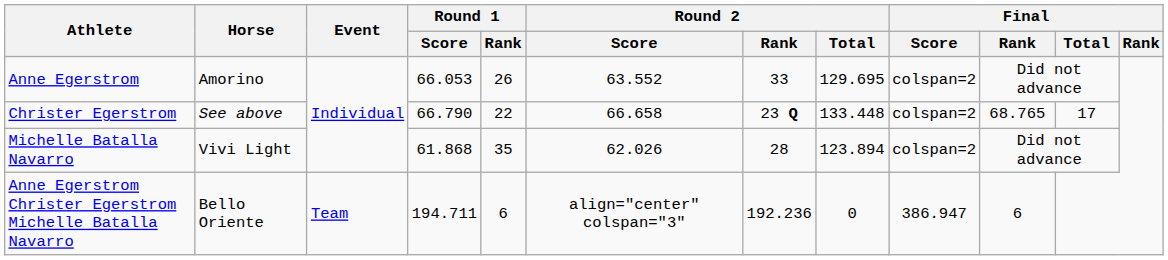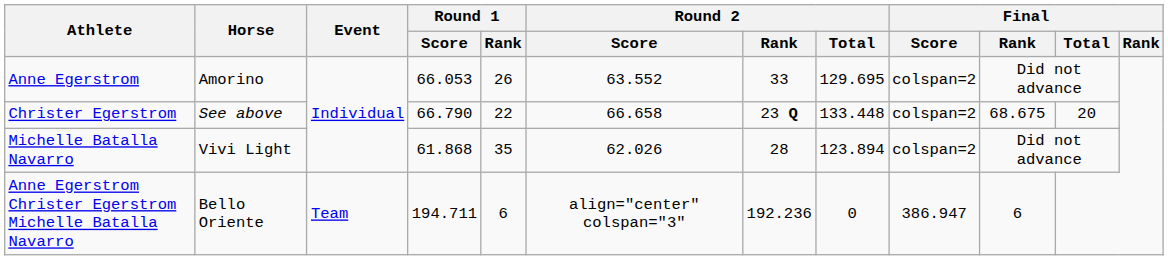 <table class=wikitable style="font-size:90%">
 <tr>
 <th rowspan="2">Athlete</th>
 <th rowspan="2">Horse</th>
 <th rowspan="2">Event</th>
 <th colspan="2">Round 1</th>
 <th colspan="3">Round 2</th>
 <th colspan="4">Final</th>
 </tr>
 <tr>
 <th>Score</th>
 <th>Rank</th>
 <th>Score</th>
 <th>Rank</th>
 <th>Total</th>
 <th>Score</th>
 <th>Rank</th>
 <th>Total</th>
 <th>Rank</th>
 </tr>
 <tr align=center>
 <td align=left><a href='#'>Anne Egerstrom</a></td>
 <td align=left>Amorino</td>
 <td align=left rowspan=3><a href='#'>Individual</a></td>
 <td>66.053</td>
 <td>26</td>
 <td>63.552</td>
 <td>33</td>
 <td>129.695</td>
 <td>colspan=2 </td>
 <td colspan=2>Did not advance</td>
 </tr>
 <tr align=center>
 <td align=left><a href='#'>Christer Egerstrom</a></td>
 <td align=left><em>See above</em></td>
 <td>66.790</td>
 <td>22</td>
 <td>66.658</td>
 <td>23 <strong>Q</strong></td>
 <td>133.448</td>
 <td>colspan=2 </td>
-<td>68.765</td>
-<td>17</td>
+<td>68.675</td>
+<td>20</td>
 </tr>
 <tr align=center>
 <td align=left><a href='#'>Michelle Batalla Navarro</a></td>
 <td align=left>Vivi Light</td>
 <td>61.868</td>
 <td>35</td>
 <td>62.026</td>
 <td>28</td>
 <td>123.894</td>
 <td>colspan=2 </td>
 <td colspan=2>Did not advance</td>
 </tr>
 <tr align=center>
 <td align=left><a href='#'>Anne Egerstrom</a><br><a href='#'>Christer Egerstrom</a><br><a href='#'>Michelle Batalla Navarro</a></td>
 <td align=left>Bello Oriente</td>
 <td align=left><a href='#'>Team</a></td>
 <td>194.711</td>
 <td>6</td>
 <td>align="center" colspan="3" </td>
 <td>192.236</td>
 <td>0</td>
 <td>386.947</td>
 <td>6</td>
 </tr>
 </table>
